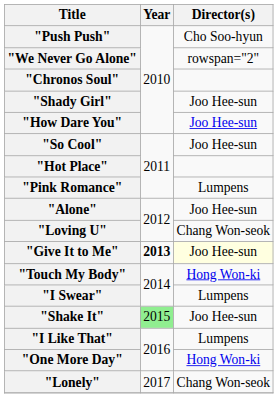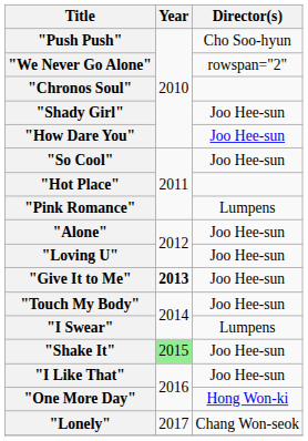 <table class="wikitable plainrowheaders" style="text-align:center">
 <tr>
 <th scope="col">Title</th>
 <th scope="col">Year</th>
 <th scope="col">Director(s)</th>
 </tr>
 <tr>
 <th scope="row">"Push Push"</th>
 <td rowspan="5">2010</td>
 <td>Cho Soo-hyun</td>
 </tr>
 <tr>
 <th scope="row">"We Never Go Alone"</th>
 <td>rowspan="2" </td>
 </tr>
 <tr>
 <th scope="row">"Chronos Soul"</th>
 </tr>
 <tr>
 <th scope="row">"Shady Girl"</th>
 <td>Joo Hee-sun</td>
 </tr>
 <tr>
 <th scope="row">"How Dare You"</th>
 <td><a href='#'>Joo Hee-sun</a></td>
 </tr>
 <tr>
 <th scope="row">"So Cool"</th>
 <td rowspan="3">2011</td>
 <td>Joo Hee-sun</td>
 </tr>
 <tr>
 <th scope="row">"Hot Place"</th>
 <td></td>
 </tr>
 <tr>
 <th scope="row">"Pink Romance"</th>
 <td>Lumpens</td>
 </tr>
 <tr>
 <th scope="row">"Alone"</th>
 <td rowspan="2">2012</td>
 <td>Joo Hee-sun</td>
 </tr>
 <tr>
 <th scope="row">"Loving U"</th>
-<td>Chang Won-seok</td>
+<td>Joo Hee-sun</td>
 </tr>
 <tr>
 <th scope="row">"Give It to Me"</th>
 <td><strong>2013</strong></td>
-<td style="background: lightyellow;">Joo Hee-sun</td>
+<td>Joo Hee-sun</td>
 </tr>
 <tr>
 <th scope="row">"Touch My Body"</th>
 <td rowspan="2">2014</td>
-<td><a href='#'>Hong Won-ki</a></td>
+<td>Joo Hee-sun</td>
 </tr>
 <tr>
 <th scope="row">"I Swear"</th>
 <td>Lumpens</td>
 </tr>
 <tr>
 <th scope="row">"Shake It"</th>
 <td style="background: lightgreen;">2015</td>
 <td>Joo Hee-sun</td>
 </tr>
 <tr>
 <th scope="row">"I Like That"</th>
 <td rowspan="2">2016</td>
-<td>Lumpens</td>
+<td>Joo Hee-sun</td>
 </tr>
 <tr>
 <th scope="row">"One More Day"</th>
 <td><a href='#'>Hong Won-ki</a></td>
 </tr>
 <tr>
 <th scope="row">"Lonely"</th>
 <td rowspan= "1">2017</td>
 <td>Chang Won-seok</td>
 </tr>
 <tr>
 </tr>
 </table>
